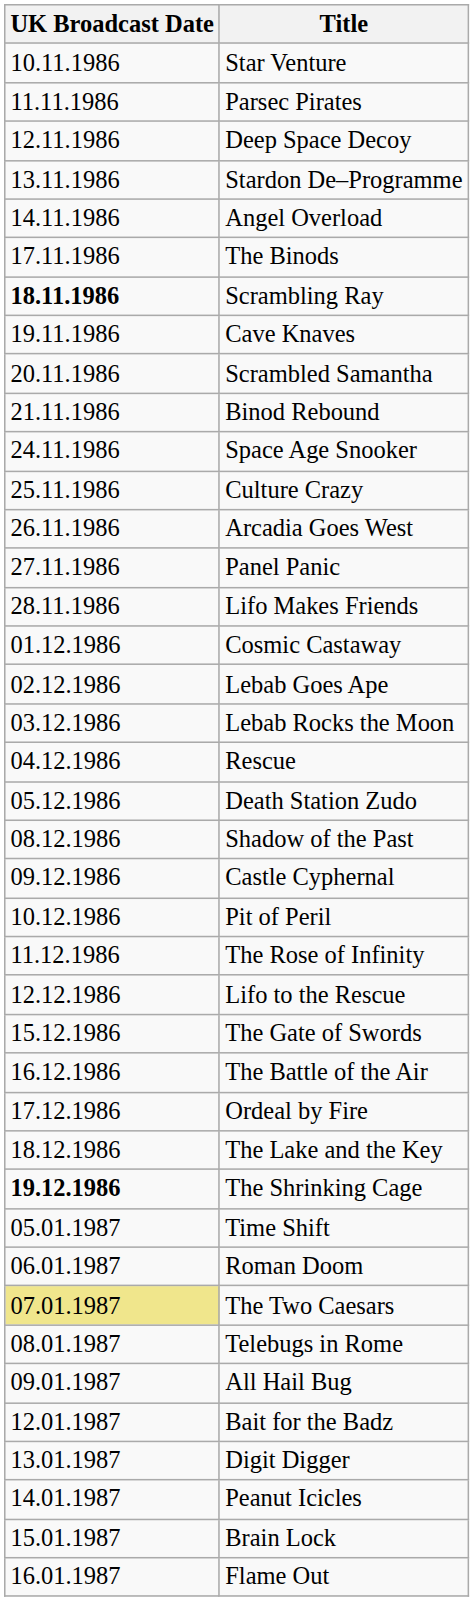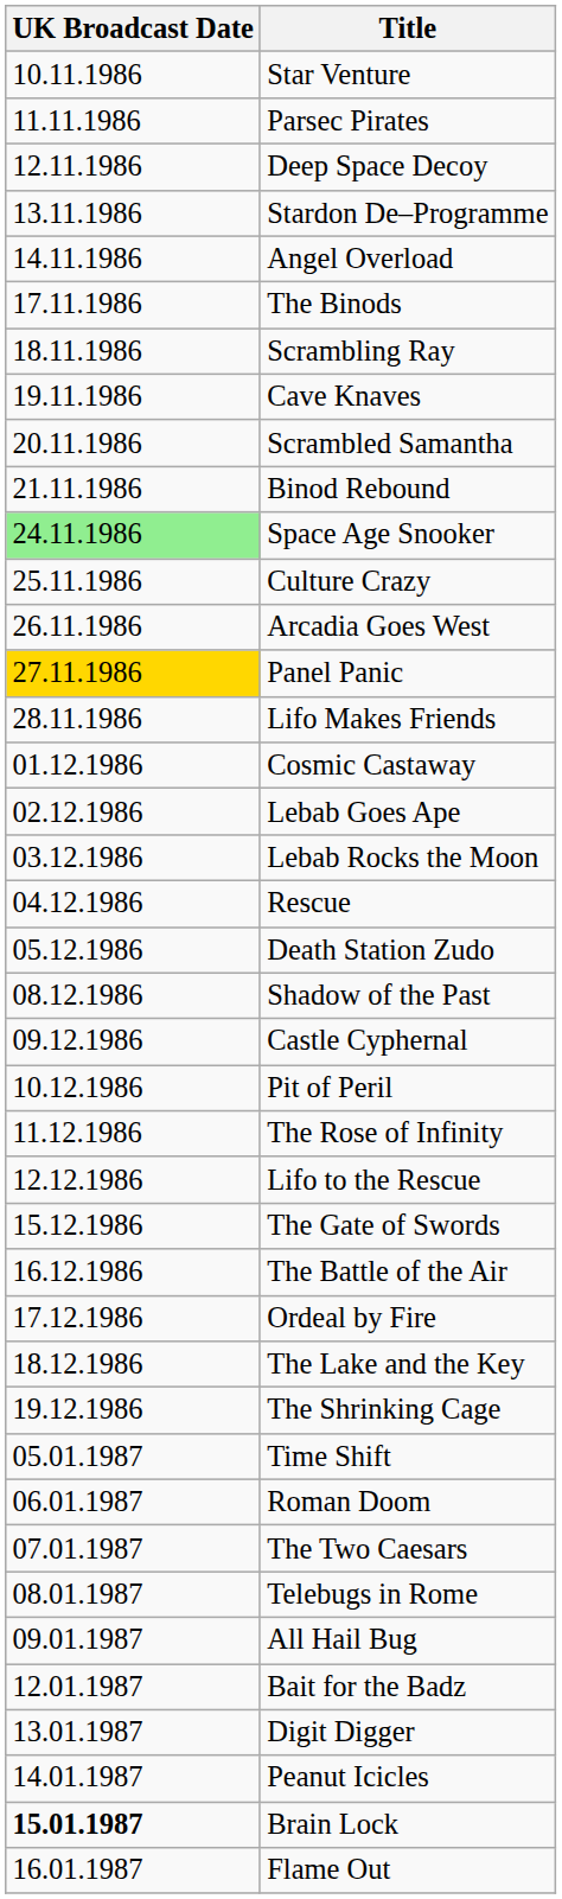 <table class="wikitable mw-collapsible mw-collapsed">
 <tr>
 <th>UK Broadcast Date</th>
 <th>Title</th>
 </tr>
 <tr>
 <td>10.11.1986</td>
 <td>Star Venture</td>
 </tr>
 <tr>
 <td>11.11.1986</td>
 <td>Parsec Pirates</td>
 </tr>
 <tr>
 <td>12.11.1986</td>
 <td>Deep Space Decoy</td>
 </tr>
 <tr>
 <td>13.11.1986</td>
 <td>Stardon De–Programme</td>
 </tr>
 <tr>
 <td>14.11.1986</td>
 <td>Angel Overload</td>
 </tr>
 <tr>
 <td>17.11.1986</td>
 <td>The Binods</td>
 </tr>
 <tr>
-<td><strong>18.11.1986</strong></td>
+<td>18.11.1986</td>
 <td>Scrambling Ray</td>
 </tr>
 <tr>
 <td>19.11.1986</td>
 <td>Cave Knaves</td>
 </tr>
 <tr>
 <td>20.11.1986</td>
 <td>Scrambled Samantha</td>
 </tr>
 <tr>
 <td>21.11.1986</td>
 <td>Binod Rebound</td>
 </tr>
 <tr>
-<td>24.11.1986</td>
+<td style="background: lightgreen;">24.11.1986</td>
 <td>Space Age Snooker</td>
 </tr>
 <tr>
 <td>25.11.1986</td>
 <td>Culture Crazy</td>
 </tr>
 <tr>
 <td>26.11.1986</td>
 <td>Arcadia Goes West</td>
 </tr>
 <tr>
-<td>27.11.1986</td>
+<td style="background: gold;">27.11.1986</td>
 <td>Panel Panic</td>
 </tr>
 <tr>
 <td>28.11.1986</td>
 <td>Lifo Makes Friends</td>
 </tr>
 <tr>
 <td>01.12.1986</td>
 <td>Cosmic Castaway</td>
 </tr>
 <tr>
 <td>02.12.1986</td>
 <td>Lebab Goes Ape</td>
 </tr>
 <tr>
 <td>03.12.1986</td>
 <td>Lebab Rocks the Moon</td>
 </tr>
 <tr>
 <td>04.12.1986</td>
 <td>Rescue</td>
 </tr>
 <tr>
 <td>05.12.1986</td>
 <td>Death Station Zudo</td>
 </tr>
 <tr>
 <td>08.12.1986</td>
 <td>Shadow of the Past</td>
 </tr>
 <tr>
 <td>09.12.1986</td>
 <td>Castle Cyphernal</td>
 </tr>
 <tr>
 <td>10.12.1986</td>
 <td>Pit of Peril</td>
 </tr>
 <tr>
 <td>11.12.1986</td>
 <td>The Rose of Infinity</td>
 </tr>
 <tr>
 <td>12.12.1986</td>
 <td>Lifo to the Rescue</td>
 </tr>
 <tr>
 <td>15.12.1986</td>
 <td>The Gate of Swords</td>
 </tr>
 <tr>
 <td>16.12.1986</td>
 <td>The Battle of the Air</td>
 </tr>
 <tr>
 <td>17.12.1986</td>
 <td>Ordeal by Fire</td>
 </tr>
 <tr>
 <td>18.12.1986</td>
 <td>The Lake and the Key</td>
 </tr>
 <tr>
-<td><strong>19.12.1986</strong></td>
+<td>19.12.1986</td>
 <td>The Shrinking Cage</td>
 </tr>
 <tr>
 <td>05.01.1987</td>
 <td>Time Shift</td>
 </tr>
 <tr>
 <td>06.01.1987</td>
 <td>Roman Doom</td>
 </tr>
 <tr>
-<td style="background: khaki;">07.01.1987</td>
+<td>07.01.1987</td>
 <td>The Two Caesars</td>
 </tr>
 <tr>
 <td>08.01.1987</td>
 <td>Telebugs in Rome</td>
 </tr>
 <tr>
 <td>09.01.1987</td>
 <td>All Hail Bug</td>
 </tr>
 <tr>
 <td>12.01.1987</td>
 <td>Bait for the Badz</td>
 </tr>
 <tr>
 <td>13.01.1987</td>
 <td>Digit Digger</td>
 </tr>
 <tr>
 <td>14.01.1987</td>
 <td>Peanut Icicles</td>
 </tr>
 <tr>
-<td>15.01.1987</td>
+<td><strong>15.01.1987</strong></td>
 <td>Brain Lock</td>
 </tr>
 <tr>
 <td>16.01.1987</td>
 <td>Flame Out</td>
 </tr>
 </table>
